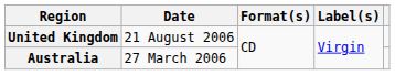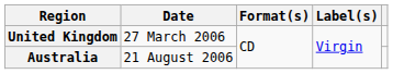 <table class="wikitable plainrowheaders">
 <tr>
 <th scope="col">Region</th>
 <th scope="col">Date</th>
 <th scope="col">Format(s)</th>
 <th scope="col">Label(s)</th>
 <th scope="col"></th>
 </tr>
 <tr>
 <th scope="row">United Kingdom</th>
-<td>21 August 2006</td>
+<td>27 March 2006</td>
 <td rowspan="2">CD</td>
 <td rowspan="2"><a href='#'>Virgin</a></td>
 <td></td>
 </tr>
 <tr>
 <th scope="row">Australia</th>
-<td>27 March 2006</td>
+<td>21 August 2006</td>
 <td></td>
 </tr>
 </table>
